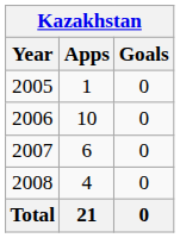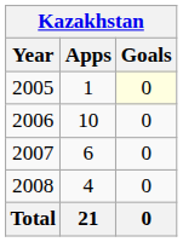 <table class="wikitable" style="text-align:center">
 <tr>
 <th colspan=3><a href='#'>Kazakhstan</a></th>
 </tr>
 <tr>
 <th>Year</th>
 <th>Apps</th>
 <th>Goals</th>
 </tr>
 <tr>
 <td>2005</td>
 <td>1</td>
-<td>0</td>
+<td style="background: lightyellow;">0</td>
 </tr>
 <tr>
 <td>2006</td>
 <td>10</td>
 <td>0</td>
 </tr>
 <tr>
 <td>2007</td>
 <td>6</td>
 <td>0</td>
 </tr>
 <tr>
 <td>2008</td>
 <td>4</td>
 <td>0</td>
 </tr>
 <tr>
 <th>Total</th>
 <th>21</th>
 <th>0</th>
 </tr>
 </table>
